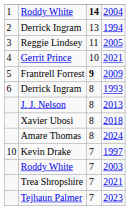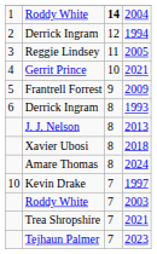 <table class="wikitable">
 <tr>
 </tr>
 <tr>
 <td>1</td>
 <td><a href='#'>Roddy White</a></td>
 <td><strong>14</strong></td>
 <td><a href='#'>2004</a></td>
 </tr>
 <tr>
 <td>2</td>
 <td>Derrick Ingram</td>
-<td>13</td>
+<td>12</td>
 <td><a href='#'>1994</a></td>
 </tr>
 <tr>
 <td>3</td>
 <td>Reggie Lindsey</td>
 <td>11</td>
 <td><a href='#'>2005</a></td>
 </tr>
 <tr>
 <td>4</td>
 <td><a href='#'>Gerrit Prince</a></td>
 <td>10</td>
 <td><a href='#'>2021</a></td>
 </tr>
 <tr>
 <td>5</td>
 <td>Frantrell Forrest</td>
-<td><strong>9</strong></td>
+<td>9</td>
 <td><a href='#'>2009</a></td>
 </tr>
 <tr>
 <td>6</td>
 <td>Derrick Ingram</td>
 <td>8</td>
 <td><a href='#'>1993</a></td>
 </tr>
 <tr>
 <td></td>
 <td><a href='#'>J. J. Nelson</a></td>
 <td>8</td>
 <td><a href='#'>2013</a></td>
 </tr>
 <tr>
 <td></td>
 <td>Xavier Ubosi</td>
 <td>8</td>
 <td><a href='#'>2018</a></td>
 </tr>
 <tr>
 <td></td>
 <td>Amare Thomas</td>
 <td>8</td>
 <td><a href='#'>2024</a></td>
 </tr>
 <tr>
 <td>10</td>
 <td>Kevin Drake</td>
 <td>7</td>
 <td><a href='#'>1997</a></td>
 </tr>
 <tr>
 <td></td>
 <td><a href='#'>Roddy White</a></td>
 <td>7</td>
 <td><a href='#'>2003</a></td>
 </tr>
 <tr>
 <td></td>
 <td>Trea Shropshire</td>
 <td>7</td>
 <td><a href='#'>2021</a></td>
 </tr>
 <tr>
 <td></td>
 <td><a href='#'>Tejhaun Palmer</a></td>
 <td>7</td>
 <td><a href='#'>2023</a></td>
 </tr>
 </table>
